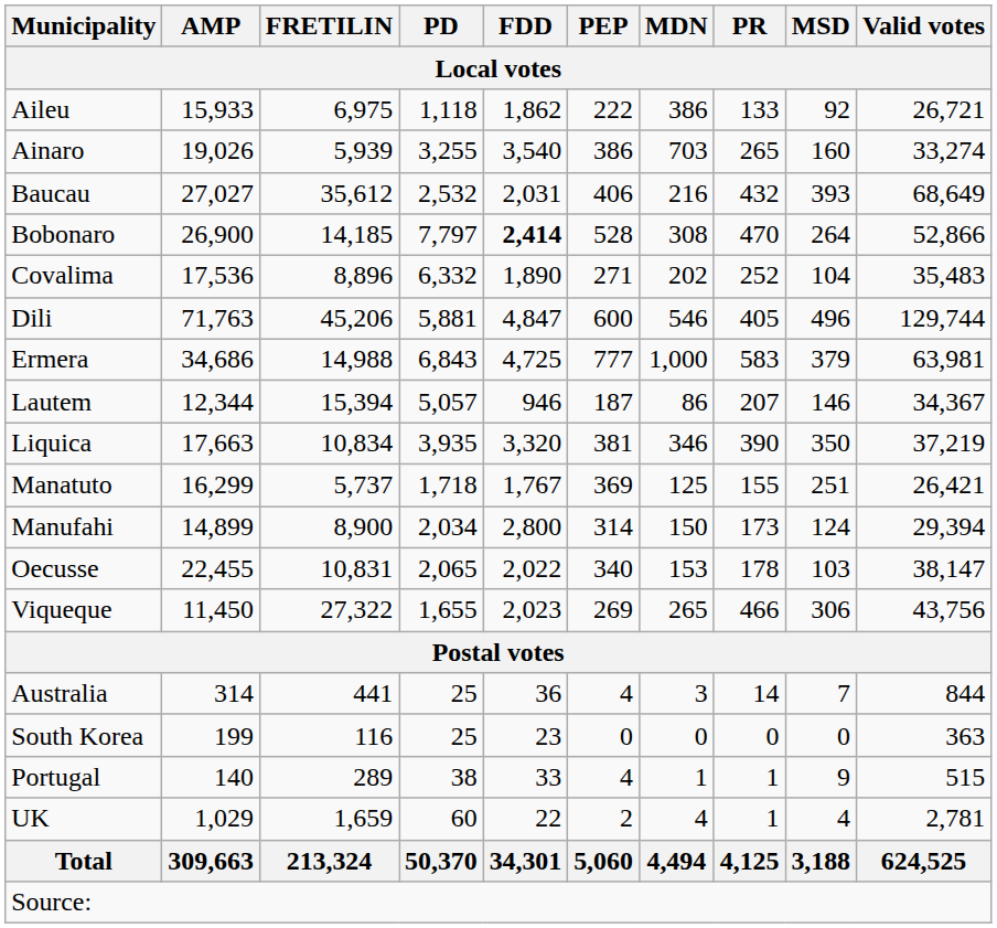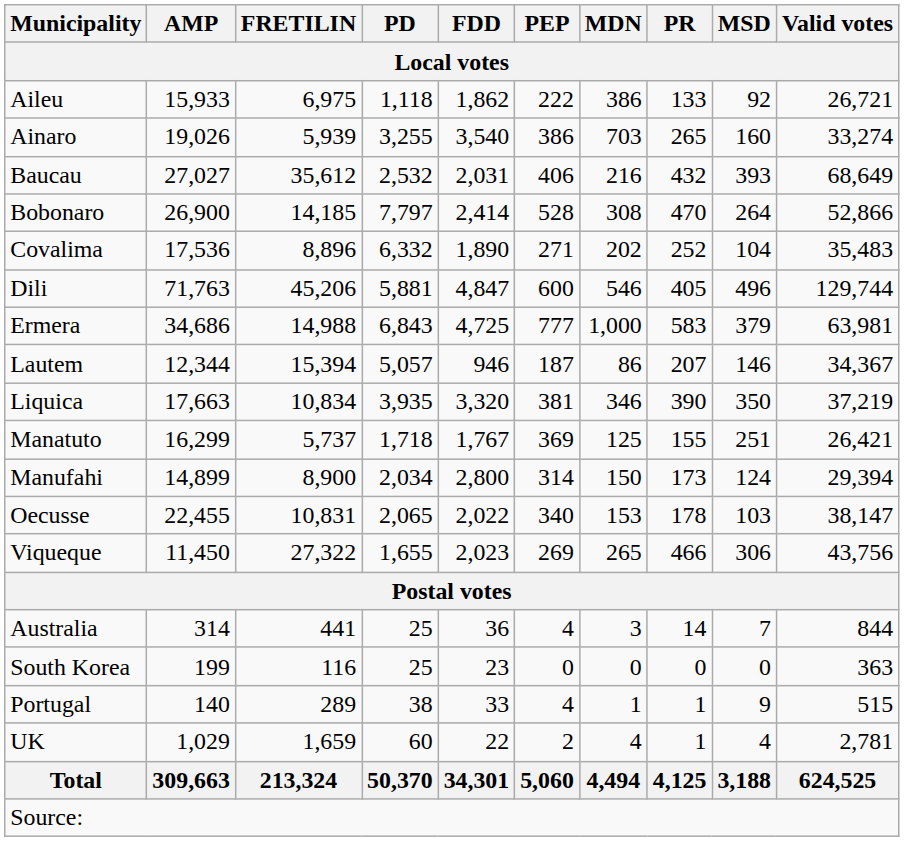 <table class="wikitable sortable" style=text-align:right>
 <tr>
 <th>Municipality</th>
 <th>AMP</th>
 <th>FRETILIN</th>
 <th>PD</th>
 <th>FDD</th>
 <th>PEP</th>
 <th>MDN</th>
 <th>PR</th>
 <th>MSD</th>
 <th>Valid votes</th>
 </tr>
 <tr>
 <th colspan=10>Local votes</th>
 </tr>
 <tr>
 <td align=left>Aileu</td>
 <td>15,933</td>
 <td>6,975</td>
 <td>1,118</td>
 <td>1,862</td>
 <td>222</td>
 <td>386</td>
 <td>133</td>
 <td>92</td>
 <td>26,721</td>
 </tr>
 <tr>
 <td align=left>Ainaro</td>
 <td>19,026</td>
 <td>5,939</td>
 <td>3,255</td>
 <td>3,540</td>
 <td>386</td>
 <td>703</td>
 <td>265</td>
 <td>160</td>
 <td>33,274</td>
 </tr>
 <tr>
 <td align=left>Baucau</td>
 <td>27,027</td>
 <td>35,612</td>
 <td>2,532</td>
 <td>2,031</td>
 <td>406</td>
 <td>216</td>
 <td>432</td>
 <td>393</td>
 <td>68,649</td>
 </tr>
 <tr>
 <td align=left>Bobonaro</td>
 <td>26,900</td>
 <td>14,185</td>
 <td>7,797</td>
-<td><strong>2,414</strong></td>
+<td>2,414</td>
 <td>528</td>
 <td>308</td>
 <td>470</td>
 <td>264</td>
 <td>52,866</td>
 </tr>
 <tr>
 <td align=left>Covalima</td>
 <td>17,536</td>
 <td>8,896</td>
 <td>6,332</td>
 <td>1,890</td>
 <td>271</td>
 <td>202</td>
 <td>252</td>
 <td>104</td>
 <td>35,483</td>
 </tr>
 <tr>
 <td align=left>Dili</td>
 <td>71,763</td>
 <td>45,206</td>
 <td>5,881</td>
 <td>4,847</td>
 <td>600</td>
 <td>546</td>
 <td>405</td>
 <td>496</td>
 <td>129,744</td>
 </tr>
 <tr>
 <td align=left>Ermera</td>
 <td>34,686</td>
 <td>14,988</td>
 <td>6,843</td>
 <td>4,725</td>
 <td>777</td>
 <td>1,000</td>
 <td>583</td>
 <td>379</td>
 <td>63,981</td>
 </tr>
 <tr>
 <td align=left>Lautem</td>
 <td>12,344</td>
 <td>15,394</td>
 <td>5,057</td>
 <td>946</td>
 <td>187</td>
 <td>86</td>
 <td>207</td>
 <td>146</td>
 <td>34,367</td>
 </tr>
 <tr>
 <td align=left>Liquica</td>
 <td>17,663</td>
 <td>10,834</td>
 <td>3,935</td>
 <td>3,320</td>
 <td>381</td>
 <td>346</td>
 <td>390</td>
 <td>350</td>
 <td>37,219</td>
 </tr>
 <tr>
 <td align=left>Manatuto</td>
 <td>16,299</td>
 <td>5,737</td>
 <td>1,718</td>
 <td>1,767</td>
 <td>369</td>
 <td>125</td>
 <td>155</td>
 <td>251</td>
 <td>26,421</td>
 </tr>
 <tr>
 <td align=left>Manufahi</td>
 <td>14,899</td>
 <td>8,900</td>
 <td>2,034</td>
 <td>2,800</td>
 <td>314</td>
 <td>150</td>
 <td>173</td>
 <td>124</td>
 <td>29,394</td>
 </tr>
 <tr>
 <td align=left>Oecusse</td>
 <td>22,455</td>
 <td>10,831</td>
 <td>2,065</td>
 <td>2,022</td>
 <td>340</td>
 <td>153</td>
 <td>178</td>
 <td>103</td>
 <td>38,147</td>
 </tr>
 <tr>
 <td align=left>Viqueque</td>
 <td>11,450</td>
 <td>27,322</td>
 <td>1,655</td>
 <td>2,023</td>
 <td>269</td>
 <td>265</td>
 <td>466</td>
 <td>306</td>
 <td>43,756</td>
 </tr>
 <tr>
 <th colspan=10>Postal votes</th>
 </tr>
 <tr>
 <td align=left>Australia</td>
 <td>314</td>
 <td>441</td>
 <td>25</td>
 <td>36</td>
 <td>4</td>
 <td>3</td>
 <td>14</td>
 <td>7</td>
 <td>844</td>
 </tr>
 <tr>
 <td align=left>South Korea</td>
 <td>199</td>
 <td>116</td>
 <td>25</td>
 <td>23</td>
 <td>0</td>
 <td>0</td>
 <td>0</td>
 <td>0</td>
 <td>363</td>
 </tr>
 <tr>
 <td align=left>Portugal</td>
 <td>140</td>
 <td>289</td>
 <td>38</td>
 <td>33</td>
 <td>4</td>
 <td>1</td>
 <td>1</td>
 <td>9</td>
 <td>515</td>
 </tr>
 <tr>
 <td align=left>UK</td>
 <td>1,029</td>
 <td>1,659</td>
 <td>60</td>
 <td>22</td>
 <td>2</td>
 <td>4</td>
 <td>1</td>
 <td>4</td>
 <td>2,781</td>
 </tr>
 <tr class=sortbottom style=font:weight:bold>
 <th align=left>Total</th>
 <th>309,663</th>
 <th>213,324</th>
 <th>50,370</th>
 <th>34,301</th>
 <th>5,060</th>
 <th>4,494</th>
 <th>4,125</th>
 <th>3,188</th>
 <th>624,525</th>
 </tr>
 <tr class=sortbottom>
 <td align=left colspan=10>Source:  </td>
 </tr>
 </table>
